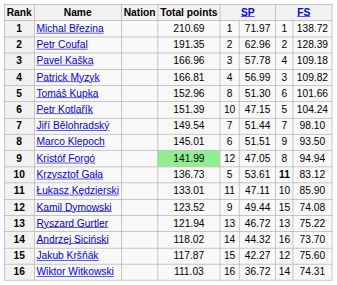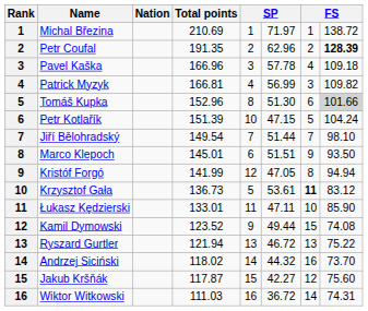 <table class="wikitable sortable">
 <tr>
 <th>Rank</th>
 <th>Name</th>
 <th>Nation</th>
 <th>Total points</th>
 <th colspan=2 width=80px><a href='#'>SP</a></th>
 <th colspan=2 width=80px><a href='#'>FS</a></th>
 </tr>
 <tr>
 <th>1</th>
 <td><a href='#'>Michal Březina</a></td>
 <td></td>
 <td align=center>210.69</td>
 <td align=center>1</td>
 <td align=center>71.97</td>
 <td align=center>1</td>
 <td align=center>138.72</td>
 </tr>
 <tr>
 <th>2</th>
 <td><a href='#'>Petr Coufal</a></td>
 <td></td>
 <td align=center>191.35</td>
 <td align=center>2</td>
 <td align=center>62.96</td>
 <td align=center>2</td>
-<td align=center>128.39</td>
+<td align=center><strong>128.39</strong></td>
 </tr>
 <tr>
 <th>3</th>
 <td><a href='#'>Pavel Kaška</a></td>
 <td></td>
 <td align=center>166.96</td>
 <td align=center>3</td>
 <td align=center>57.78</td>
 <td align=center>4</td>
 <td align=center>109.18</td>
 </tr>
 <tr>
 <th>4</th>
 <td><a href='#'>Patrick Myzyk</a></td>
 <td></td>
 <td align=center>166.81</td>
 <td align=center>4</td>
 <td align=center>56.99</td>
 <td align=center>3</td>
 <td align=center>109.82</td>
 </tr>
 <tr>
 <th>5</th>
 <td><a href='#'>Tomáš Kupka</a></td>
 <td></td>
 <td align=center>152.96</td>
 <td align=center>8</td>
 <td align=center>51.30</td>
 <td align=center>6</td>
-<td align=center>101.66</td>
+<td align=center style="background: lightgrey;">101.66</td>
 </tr>
 <tr>
 <th>6</th>
 <td><a href='#'>Petr Kotlařík</a></td>
 <td></td>
 <td align=center>151.39</td>
 <td align=center>10</td>
 <td align=center>47.15</td>
 <td align=center>5</td>
 <td align=center>104.24</td>
 </tr>
 <tr>
 <th>7</th>
 <td><a href='#'>Jiří Bělohradský</a></td>
 <td></td>
 <td align=center>149.54</td>
 <td align=center>7</td>
 <td align=center>51.44</td>
 <td align=center>7</td>
 <td align=center>98.10</td>
 </tr>
 <tr>
 <th>8</th>
 <td><a href='#'>Marco Klepoch</a></td>
 <td></td>
 <td align=center>145.01</td>
 <td align=center>6</td>
 <td align=center>51.51</td>
 <td align=center>9</td>
 <td align=center>93.50</td>
 </tr>
 <tr>
 <th>9</th>
 <td><a href='#'>Kristóf Forgó</a></td>
 <td></td>
-<td align=center style="background: lightgreen;">141.99</td>
+<td align=center>141.99</td>
 <td align=center>12</td>
 <td align=center>47.05</td>
 <td align=center>8</td>
 <td align=center>94.94</td>
 </tr>
 <tr>
 <th>10</th>
 <td><a href='#'>Krzysztof Gała</a></td>
 <td></td>
 <td align=center>136.73</td>
 <td align=center>5</td>
 <td align=center>53.61</td>
 <td align=center><strong>11</strong></td>
 <td align=center>83.12</td>
 </tr>
 <tr>
 <th>11</th>
 <td><a href='#'>Łukasz Kędzierski</a></td>
 <td></td>
 <td align=center>133.01</td>
 <td align=center>11</td>
 <td align=center>47.11</td>
 <td align=center>10</td>
 <td align=center>85.90</td>
 </tr>
 <tr>
 <th>12</th>
 <td><a href='#'>Kamil Dymowski</a></td>
 <td></td>
 <td align=center>123.52</td>
 <td align=center>9</td>
 <td align=center>49.44</td>
 <td align=center>15</td>
 <td align=center>74.08</td>
 </tr>
 <tr>
 <th>13</th>
 <td><a href='#'>Ryszard Gurtler</a></td>
 <td></td>
 <td align=center>121.94</td>
 <td align=center>13</td>
 <td align=center>46.72</td>
 <td align=center>13</td>
 <td align=center>75.22</td>
 </tr>
 <tr>
 <th>14</th>
 <td><a href='#'>Andrzej Siciński</a></td>
 <td></td>
 <td align=center>118.02</td>
 <td align=center>14</td>
 <td align=center>44.32</td>
 <td align=center>16</td>
 <td align=center>73.70</td>
 </tr>
 <tr>
 <th>15</th>
 <td><a href='#'>Jakub Kršňák</a></td>
 <td></td>
 <td align=center>117.87</td>
 <td align=center>15</td>
 <td align=center>42.27</td>
 <td align=center>12</td>
 <td align=center>75.60</td>
 </tr>
 <tr>
 <th>16</th>
 <td><a href='#'>Wiktor Witkowski</a></td>
 <td></td>
 <td align=center>111.03</td>
 <td align=center>16</td>
 <td align=center>36.72</td>
 <td align=center>14</td>
 <td align=center>74.31</td>
 </tr>
 </table>
